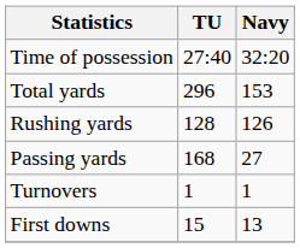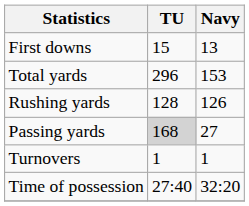 <table class="wikitable" style="float: left;">
 <tr>
 <th>Statistics</th>
 <th>TU</th>
 <th>Navy</th>
 </tr>
 <tr>
-<td>Time of possession</td>
-<td>27:40</td>
-<td>32:20</td>
+<td>First downs</td>
+<td>15</td>
+<td>13</td>
 </tr>
 <tr>
 <td>Total yards</td>
 <td>296</td>
 <td>153</td>
 </tr>
 <tr>
 <td>Rushing yards</td>
 <td>128</td>
 <td>126</td>
 </tr>
 <tr>
 <td>Passing yards</td>
-<td>168</td>
+<td style="background: lightgrey;">168</td>
 <td>27</td>
 </tr>
 <tr>
 <td>Turnovers</td>
 <td>1</td>
 <td>1</td>
 </tr>
 <tr>
-<td>First downs</td>
-<td>15</td>
-<td>13</td>
+<td>Time of possession</td>
+<td>27:40</td>
+<td>32:20</td>
 </tr>
 <tr>
 </tr>
 </table>
